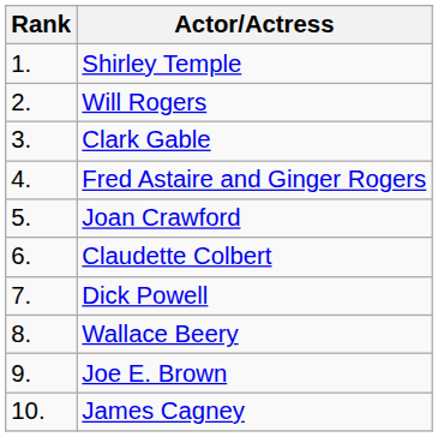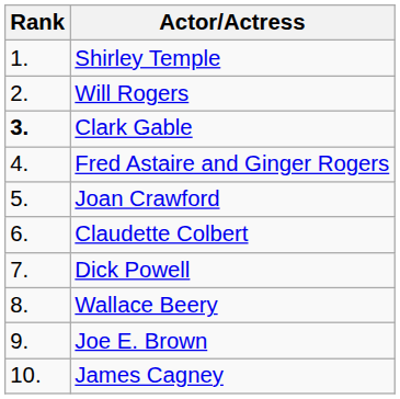 <table class="wikitable">
 <tr>
 <th>Rank</th>
 <th>Actor/Actress</th>
 </tr>
 <tr>
 <td>1.</td>
 <td><a href='#'>Shirley Temple</a></td>
 </tr>
 <tr>
 <td>2.</td>
 <td><a href='#'>Will Rogers</a></td>
 </tr>
 <tr>
-<td>3.</td>
+<td><strong>3.</strong></td>
 <td><a href='#'>Clark Gable</a></td>
 </tr>
 <tr>
 <td>4.</td>
 <td><a href='#'>Fred Astaire and Ginger Rogers</a></td>
 </tr>
 <tr>
 <td>5.</td>
 <td><a href='#'>Joan Crawford</a></td>
 </tr>
 <tr>
 <td>6.</td>
 <td><a href='#'>Claudette Colbert</a></td>
 </tr>
 <tr>
 <td>7.</td>
 <td><a href='#'>Dick Powell</a></td>
 </tr>
 <tr>
 <td>8.</td>
 <td><a href='#'>Wallace Beery</a></td>
 </tr>
 <tr>
 <td>9.</td>
 <td><a href='#'>Joe E. Brown</a></td>
 </tr>
 <tr>
 <td>10.</td>
 <td><a href='#'>James Cagney</a></td>
 </tr>
 </table>
